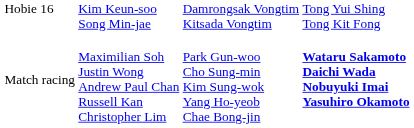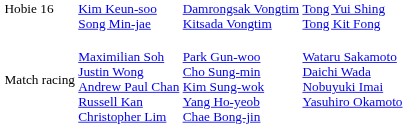 <table>
 <tr>
 <td>Hobie 16<br></td>
 <td><br><a href='#'>Kim Keun-soo</a><br><a href='#'>Song Min-jae</a></td>
 <td><br><a href='#'>Damrongsak Vongtim</a><br><a href='#'>Kitsada Vongtim</a></td>
 <td><br><a href='#'>Tong Yui Shing</a><br><a href='#'>Tong Kit Fong</a></td>
 </tr>
 <tr>
 <td>Match racing<br></td>
 <td><br><a href='#'>Maximilian Soh</a><br><a href='#'>Justin Wong</a><br><a href='#'>Andrew Paul Chan</a><br><a href='#'>Russell Kan</a><br><a href='#'>Christopher Lim</a></td>
 <td><br><a href='#'>Park Gun-woo</a><br><a href='#'>Cho Sung-min</a><br><a href='#'>Kim Sung-wok</a><br><a href='#'>Yang Ho-yeob</a><br><a href='#'>Chae Bong-jin</a></td>
-<td valign=top><strong><br><a href='#'>Wataru Sakamoto</a><br><a href='#'>Daichi Wada</a><br><a href='#'>Nobuyuki Imai</a><br><a href='#'>Yasuhiro Okamoto</a></strong></td>
+<td valign=top><br><a href='#'>Wataru Sakamoto</a><br><a href='#'>Daichi Wada</a><br><a href='#'>Nobuyuki Imai</a><br><a href='#'>Yasuhiro Okamoto</a></td>
 </tr>
 </table>
